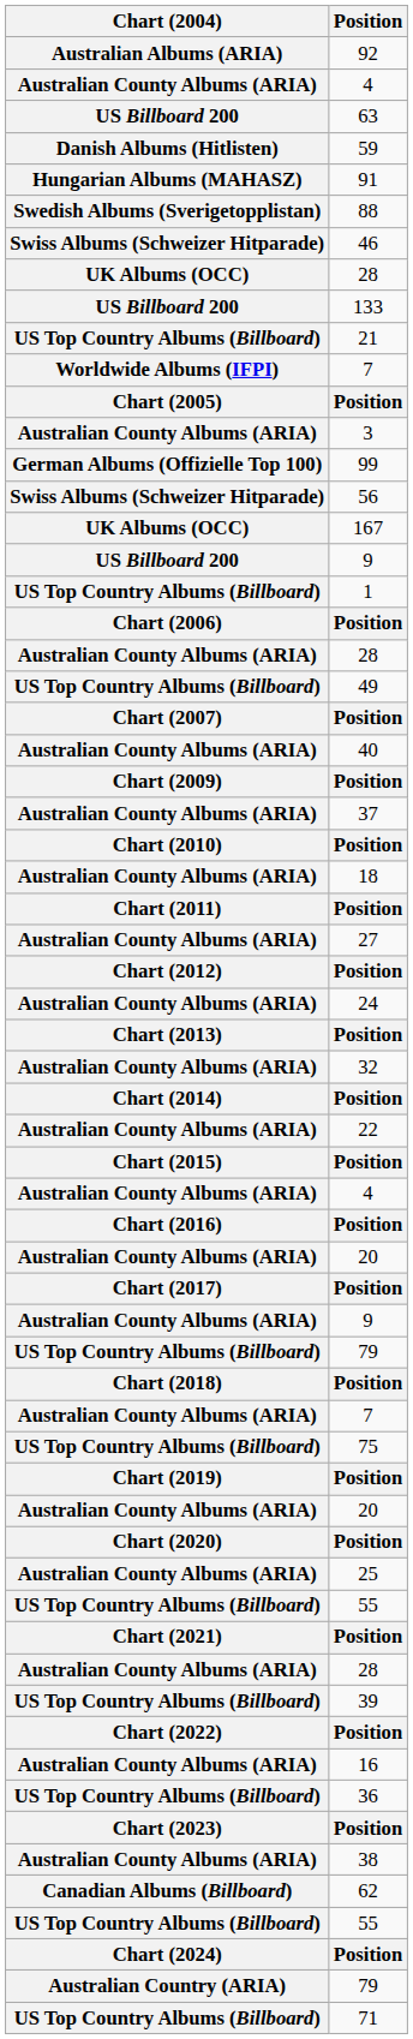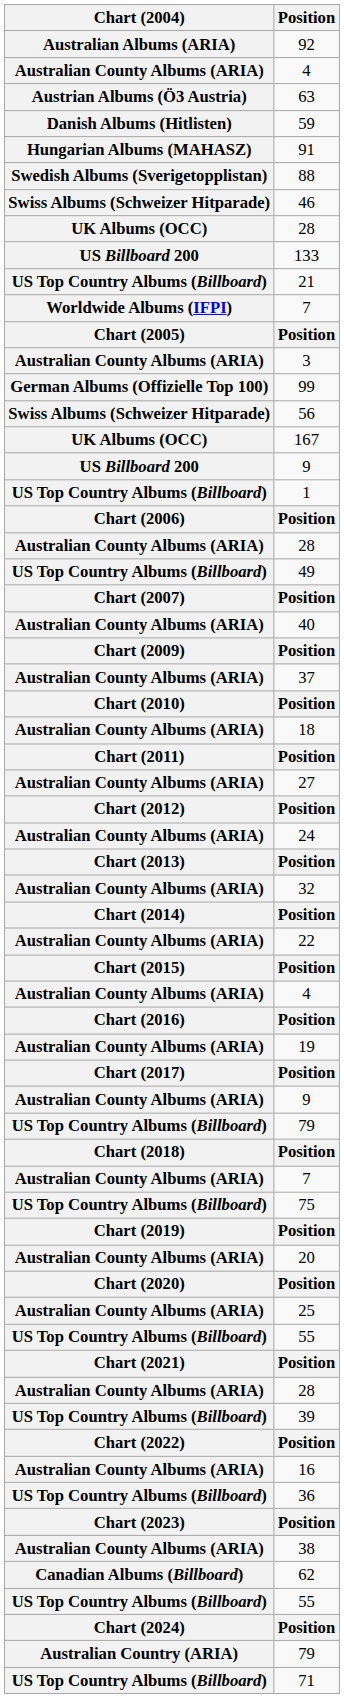 <table class="wikitable sortable plainrowheaders" style="text-align:center">
 <tr>
 <th scope="col">Chart (2004)</th>
 <th scope="col">Position</th>
 </tr>
 <tr>
 <th scope="row">Australian Albums (ARIA)</th>
 <td>92</td>
 </tr>
 <tr>
 <th scope="row">Australian County Albums (ARIA)</th>
 <td>4</td>
 </tr>
 <tr>
-<th scope="row">US <em>Billboard</em> 200</th>
+<th scope="row">Austrian Albums (Ö3 Austria)</th>
 <td>63</td>
 </tr>
 <tr>
 <th scope="row">Danish Albums (Hitlisten)</th>
 <td>59</td>
 </tr>
 <tr>
 <th scope="row">Hungarian Albums (MAHASZ)</th>
 <td>91</td>
 </tr>
 <tr>
 <th scope="row">Swedish Albums (Sverigetopplistan)</th>
 <td>88</td>
 </tr>
 <tr>
 <th scope="row">Swiss Albums (Schweizer Hitparade)</th>
 <td>46</td>
 </tr>
 <tr>
 <th scope="row">UK Albums (OCC)</th>
 <td>28</td>
 </tr>
 <tr>
 <th scope="row">US <em>Billboard</em> 200</th>
 <td>133</td>
 </tr>
 <tr>
 <th scope="row">US Top Country Albums (<em>Billboard</em>)</th>
 <td>21</td>
 </tr>
 <tr>
 <th scope="row">Worldwide Albums (<a href='#'>IFPI</a>)</th>
 <td>7</td>
 </tr>
 <tr>
 <th scope="col">Chart (2005)</th>
 <th scope="col">Position</th>
 </tr>
 <tr>
 <th scope="row">Australian County Albums (ARIA)</th>
 <td>3</td>
 </tr>
 <tr>
 <th scope="row">German Albums (Offizielle Top 100)</th>
 <td>99</td>
 </tr>
 <tr>
 <th scope="row">Swiss Albums (Schweizer Hitparade)</th>
 <td>56</td>
 </tr>
 <tr>
 <th scope="row">UK Albums (OCC)</th>
 <td>167</td>
 </tr>
 <tr>
 <th scope="row">US <em>Billboard</em> 200</th>
 <td>9</td>
 </tr>
 <tr>
 <th scope="row">US Top Country Albums (<em>Billboard</em>)</th>
 <td>1</td>
 </tr>
 <tr>
 <th scope="col">Chart (2006)</th>
 <th scope="col">Position</th>
 </tr>
 <tr>
 <th scope="row">Australian County Albums (ARIA)</th>
 <td>28</td>
 </tr>
 <tr>
 <th scope="row">US Top Country Albums (<em>Billboard</em>)</th>
 <td>49</td>
 </tr>
 <tr>
 <th scope="col">Chart (2007)</th>
 <th scope="col">Position</th>
 </tr>
 <tr>
 <th scope="row">Australian County Albums (ARIA)</th>
 <td>40</td>
 </tr>
 <tr>
 <th scope="col">Chart (2009)</th>
 <th scope="col">Position</th>
 </tr>
 <tr>
 <th scope="row">Australian County Albums (ARIA)</th>
 <td>37</td>
 </tr>
 <tr>
 <th scope="col">Chart (2010)</th>
 <th scope="col">Position</th>
 </tr>
 <tr>
 <th scope="row">Australian County Albums (ARIA)</th>
 <td>18</td>
 </tr>
 <tr>
 <th scope="col">Chart (2011)</th>
 <th scope="col">Position</th>
 </tr>
 <tr>
 <th scope="row">Australian County Albums (ARIA)</th>
 <td>27</td>
 </tr>
 <tr>
 <th scope="col">Chart (2012)</th>
 <th scope="col">Position</th>
 </tr>
 <tr>
 <th scope="row">Australian County Albums (ARIA)</th>
 <td>24</td>
 </tr>
 <tr>
 <th scope="col">Chart (2013)</th>
 <th scope="col">Position</th>
 </tr>
 <tr>
 <th scope="row">Australian County Albums (ARIA)</th>
 <td>32</td>
 </tr>
 <tr>
 <th scope="col">Chart (2014)</th>
 <th scope="col">Position</th>
 </tr>
 <tr>
 <th scope="row">Australian County Albums (ARIA)</th>
 <td>22</td>
 </tr>
 <tr>
 <th scope="col">Chart (2015)</th>
 <th scope="col">Position</th>
 </tr>
 <tr>
 <th scope="row">Australian County Albums (ARIA)</th>
 <td>4</td>
 </tr>
 <tr>
 <th scope="col">Chart (2016)</th>
 <th scope="col">Position</th>
 </tr>
 <tr>
 <th scope="row">Australian County Albums (ARIA)</th>
-<td>20</td>
+<td>19</td>
 </tr>
 <tr>
 <th scope="col">Chart (2017)</th>
 <th scope="col">Position</th>
 </tr>
 <tr>
 <th scope="row">Australian County Albums (ARIA)</th>
 <td>9</td>
 </tr>
 <tr>
 <th scope="row">US Top Country Albums (<em>Billboard</em>)</th>
 <td>79</td>
 </tr>
 <tr>
 <th scope="col">Chart (2018)</th>
 <th scope="col">Position</th>
 </tr>
 <tr>
 <th scope="row">Australian County Albums (ARIA)</th>
 <td>7</td>
 </tr>
 <tr>
 <th scope="row">US Top Country Albums (<em>Billboard</em>)</th>
 <td>75</td>
 </tr>
 <tr>
 <th scope="col">Chart (2019)</th>
 <th scope="col">Position</th>
 </tr>
 <tr>
 <th scope="row">Australian County Albums (ARIA)</th>
 <td>20</td>
 </tr>
 <tr>
 <th scope="col">Chart (2020)</th>
 <th scope="col">Position</th>
 </tr>
 <tr>
 <th scope="row">Australian County Albums (ARIA)</th>
 <td>25</td>
 </tr>
 <tr>
 <th scope="row">US Top Country Albums (<em>Billboard</em>)</th>
 <td>55</td>
 </tr>
 <tr>
 <th scope="col">Chart (2021)</th>
 <th scope="col">Position</th>
 </tr>
 <tr>
 <th scope="row">Australian County Albums (ARIA)</th>
 <td>28</td>
 </tr>
 <tr>
 <th scope="row">US Top Country Albums (<em>Billboard</em>)</th>
 <td>39</td>
 </tr>
 <tr>
 <th scope="col">Chart (2022)</th>
 <th scope="col">Position</th>
 </tr>
 <tr>
 <th scope="row">Australian County Albums (ARIA)</th>
 <td>16</td>
 </tr>
 <tr>
 <th scope="row">US Top Country Albums (<em>Billboard</em>)</th>
 <td>36</td>
 </tr>
 <tr>
 <th scope="col">Chart (2023)</th>
 <th scope="col">Position</th>
 </tr>
 <tr>
 <th scope="row">Australian County Albums (ARIA)</th>
 <td>38</td>
 </tr>
 <tr>
 <th scope="row">Canadian Albums (<em>Billboard</em>)</th>
 <td>62</td>
 </tr>
 <tr>
 <th scope="row">US Top Country Albums (<em>Billboard</em>)</th>
 <td>55</td>
 </tr>
 <tr>
 <th scope="col">Chart (2024)</th>
 <th scope="col">Position</th>
 </tr>
 <tr>
 <th scope="row">Australian Country (ARIA)</th>
 <td>79</td>
 </tr>
 <tr>
 <th scope="row">US Top Country Albums (<em>Billboard</em>)</th>
 <td>71</td>
 </tr>
 </table>
